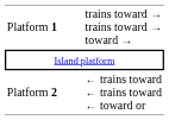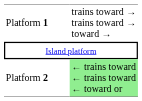 <table border=0 cellspacing=0 cellpadding=3>
 <tr>
 <td style="border-top:solid 1px gray;" width=100>Platform <strong>1</strong></td>
 <td style="border-top:solid 1px gray;">  trains toward   →<br>  trains toward   →<br>  toward   →</td>
 </tr>
 <tr>
 <td style="border-top:solid 2px black;border-right:solid 2px black;border-left:solid 2px black;border-bottom:solid 2px black;text-align:center;" colspan=2><small><a href='#'>Island platform</a></small></td>
 </tr>
 <tr>
 <td style="border-bottom:solid 1px gray;">Platform <strong>2</strong></td>
-<td style="border-bottom:solid 1px gray;">←  trains toward  <br>←  trains toward  <br>←  toward  or  </td>
+<td style="background: lightgreen; border-bottom:solid 1px gray;">←  trains toward  <br>←  trains toward  <br>←  toward  or  </td>
 </tr>
 </table>
